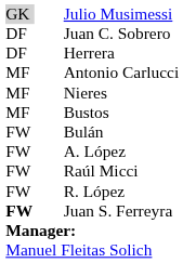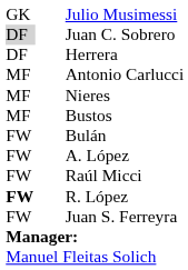 <table style="font-size: 90%" cellspacing="0" cellpadding="0" align=center>
 <tr>
 <th width=25></th>
 <th width=25></th>
 </tr>
 <tr>
-<td style="background: lightgrey;">GK</td>
+<td>GK</td>
 <td></td>
 <td> <a href='#'>Julio Musimessi</a></td>
 </tr>
 <tr>
-<td>DF</td>
+<td style="background: lightgrey;">DF</td>
 <td></td>
 <td> Juan C. Sobrero</td>
 </tr>
 <tr>
 <td>DF</td>
 <td></td>
 <td> Herrera</td>
 </tr>
 <tr>
 <td>MF</td>
 <td></td>
 <td> Antonio Carlucci</td>
 </tr>
 <tr>
 <td>MF</td>
 <td></td>
 <td> Nieres</td>
 </tr>
 <tr>
 <td>MF</td>
 <td></td>
 <td> Bustos</td>
 </tr>
 <tr>
 <td>FW</td>
 <td></td>
 <td> Bulán</td>
 </tr>
 <tr>
 <td>FW</td>
 <td></td>
 <td> A. López</td>
 </tr>
 <tr>
 <td>FW</td>
 <td></td>
 <td> Raúl Micci</td>
 </tr>
 <tr>
-<td>FW</td>
+<td><strong>FW</strong></td>
 <td></td>
 <td> R. López</td>
 </tr>
 <tr>
-<td><strong>FW</strong></td>
+<td>FW</td>
 <td></td>
 <td> Juan S. Ferreyra</td>
 </tr>
 <tr>
 <td colspan=3><strong>Manager:</strong></td>
 </tr>
 <tr>
 <td colspan=4> <a href='#'>Manuel Fleitas Solich</a></td>
 </tr>
 </table>
